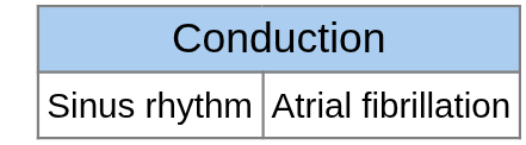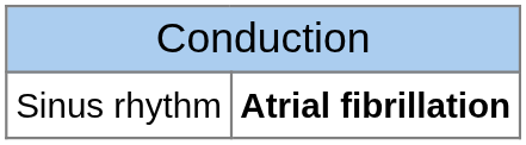 <table border="1" style="border-collapse:collapse" cellpadding="3" align="right">
 <tr>
 <td align="center" bgcolor="#abcdef" colspan="3">Conduction</td>
 </tr>
 <tr>
 <td><small>Sinus rhythm</small> </td>
-<td><small>Atrial fibrillation</small> </td>
+<td><strong><small>Atrial fibrillation</small> </strong></td>
 </tr>
 </table>
